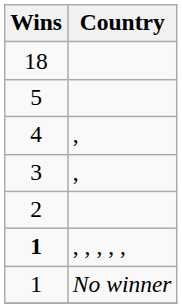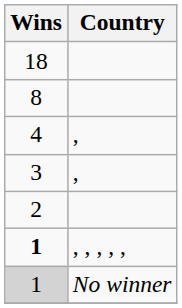 <table class="wikitable">
 <tr>
 <th>Wins</th>
 <th>Country</th>
 </tr>
 <tr>
 <td align=center>18</td>
 <td></td>
 </tr>
 <tr>
-<td align=center>5</td>
+<td align=center>8</td>
 <td></td>
 </tr>
 <tr>
 <td align=center>4</td>
 <td>, </td>
 </tr>
 <tr>
 <td align=center>3</td>
 <td>, </td>
 </tr>
 <tr>
 <td align=center>2</td>
 <td></td>
 </tr>
 <tr>
 <td align=center><strong>1</strong></td>
 <td>, , , , , </td>
 </tr>
 <tr>
-<td align=center>1</td>
+<td align=center style="background: lightgrey;">1</td>
 <td><em>No winner</em></td>
 </tr>
 <tr>
 </tr>
 </table>
